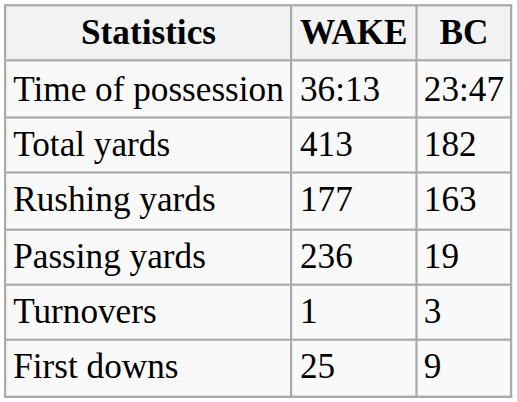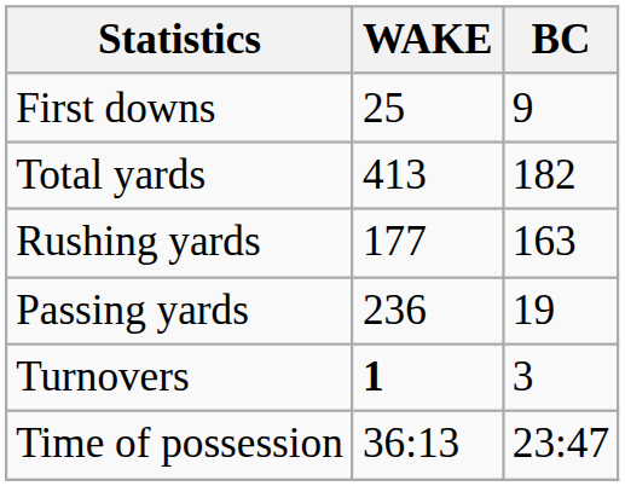 <table class="wikitable" style="float: left;">
 <tr>
 <th>Statistics</th>
 <th>WAKE</th>
 <th>BC</th>
 </tr>
 <tr>
-<td>Time of possession</td>
-<td>36:13</td>
-<td>23:47</td>
+<td>First downs</td>
+<td>25</td>
+<td>9</td>
 </tr>
 <tr>
 <td>Total yards</td>
 <td>413</td>
 <td>182</td>
 </tr>
 <tr>
 <td>Rushing yards</td>
 <td>177</td>
 <td>163</td>
 </tr>
 <tr>
 <td>Passing yards</td>
 <td>236</td>
 <td>19</td>
 </tr>
 <tr>
 <td>Turnovers</td>
-<td>1</td>
+<td><strong>1</strong></td>
 <td>3</td>
 </tr>
 <tr>
-<td>First downs</td>
-<td>25</td>
-<td>9</td>
+<td>Time of possession</td>
+<td>36:13</td>
+<td>23:47</td>
 </tr>
 <tr>
 </tr>
 </table>
